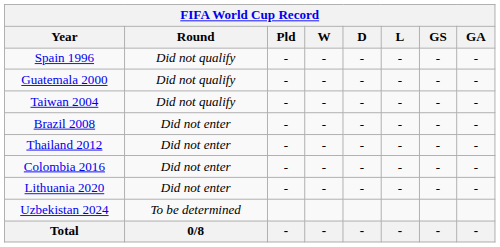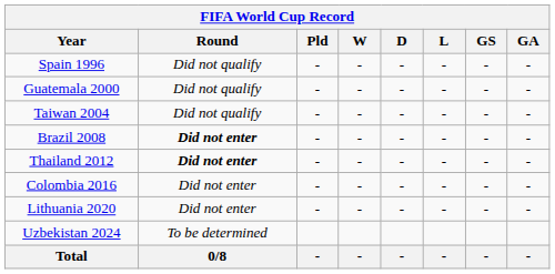 <table class="wikitable" style="text-align: center;font-size:90%;">
 <tr>
 <th colspan=8><a href='#'>FIFA World Cup Record</a></th>
 </tr>
 <tr>
 <th width=125>Year</th>
 <th width=150>Round</th>
 <th width=35>Pld</th>
 <th width=35>W</th>
 <th width=35>D</th>
 <th width=35>L</th>
 <th width=35>GS</th>
 <th width=35>GA</th>
 </tr>
 <tr>
 <td><a href='#'>Spain 1996</a></td>
 <td><em>Did not qualify</em></td>
 <td>-</td>
 <td>-</td>
 <td>-</td>
 <td>-</td>
 <td>-</td>
 <td>-</td>
 </tr>
 <tr>
 <td><a href='#'>Guatemala 2000</a></td>
 <td><em>Did not qualify</em></td>
 <td>-</td>
 <td>-</td>
 <td>-</td>
 <td>-</td>
 <td>-</td>
 <td>-</td>
 </tr>
 <tr>
 <td><a href='#'>Taiwan 2004</a></td>
 <td><em>Did not qualify</em></td>
 <td>-</td>
 <td>-</td>
 <td>-</td>
 <td>-</td>
 <td>-</td>
 <td>-</td>
 </tr>
 <tr>
 <td><a href='#'>Brazil 2008</a></td>
-<td><em>Did not enter</em></td>
+<td><strong><em>Did not enter</em></strong></td>
 <td>-</td>
 <td>-</td>
 <td>-</td>
 <td>-</td>
 <td>-</td>
 <td>-</td>
 </tr>
 <tr>
 <td><a href='#'>Thailand 2012</a></td>
-<td><em>Did not enter</em></td>
+<td><strong><em>Did not enter</em></strong></td>
 <td>-</td>
 <td>-</td>
 <td>-</td>
 <td>-</td>
 <td>-</td>
 <td>-</td>
 </tr>
 <tr>
 <td><a href='#'>Colombia 2016</a></td>
 <td><em>Did not enter</em></td>
 <td>-</td>
 <td>-</td>
 <td>-</td>
 <td>-</td>
 <td>-</td>
 <td>-</td>
 </tr>
 <tr>
 <td><a href='#'>Lithuania 2020</a></td>
 <td><em>Did not enter</em></td>
 <td>-</td>
 <td>-</td>
 <td>-</td>
 <td>-</td>
 <td>-</td>
 <td>-</td>
 </tr>
 <tr>
 <td><a href='#'>Uzbekistan 2024</a></td>
 <td><em>To be determined</em></td>
 <td></td>
 <td></td>
 <td></td>
 <td></td>
 <td></td>
 <td></td>
 </tr>
 <tr>
 <th><strong>Total</strong></th>
 <th>0/8</th>
 <th>-</th>
 <th>-</th>
 <th>-</th>
 <th>-</th>
 <th>-</th>
 <th>-</th>
 </tr>
 </table>
